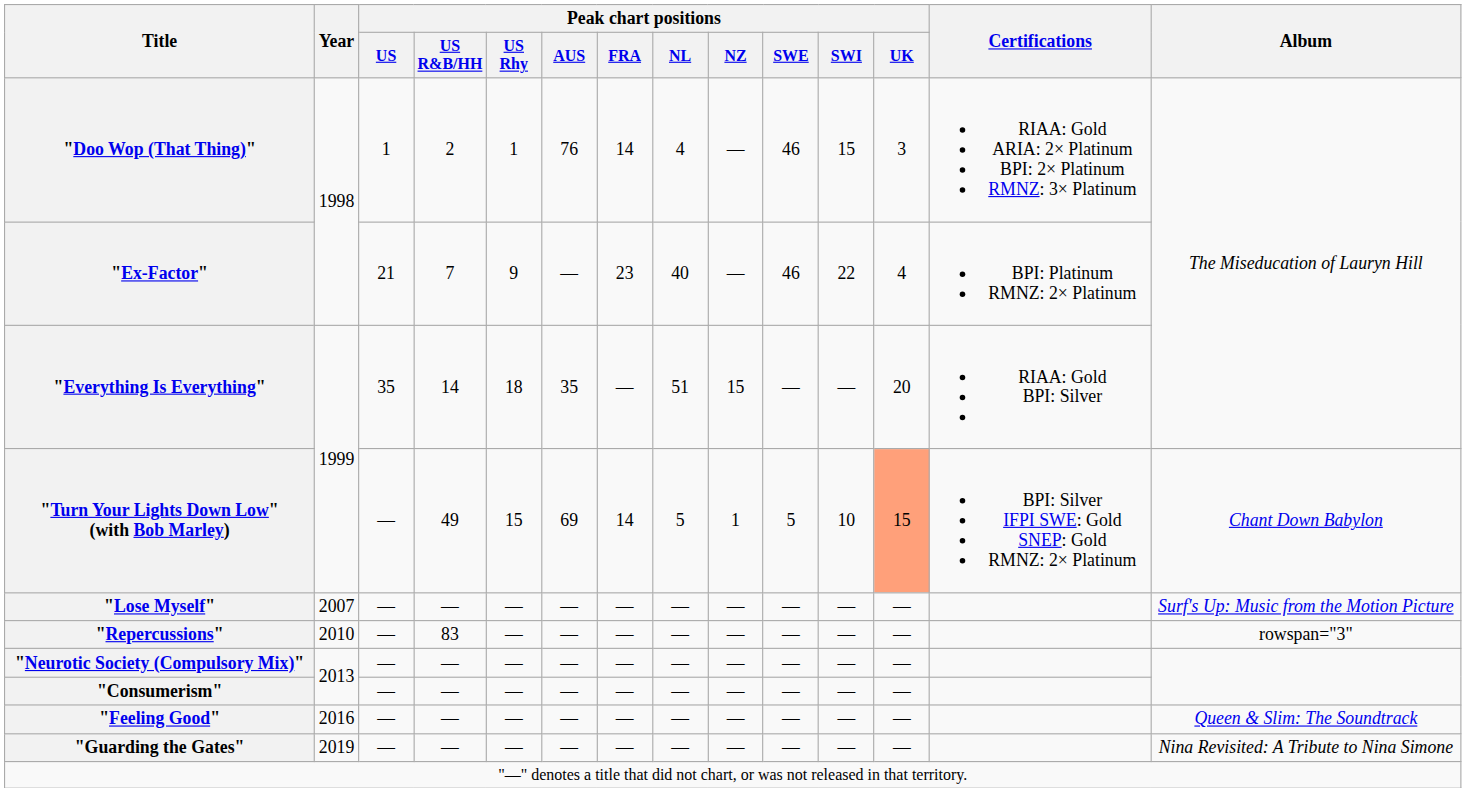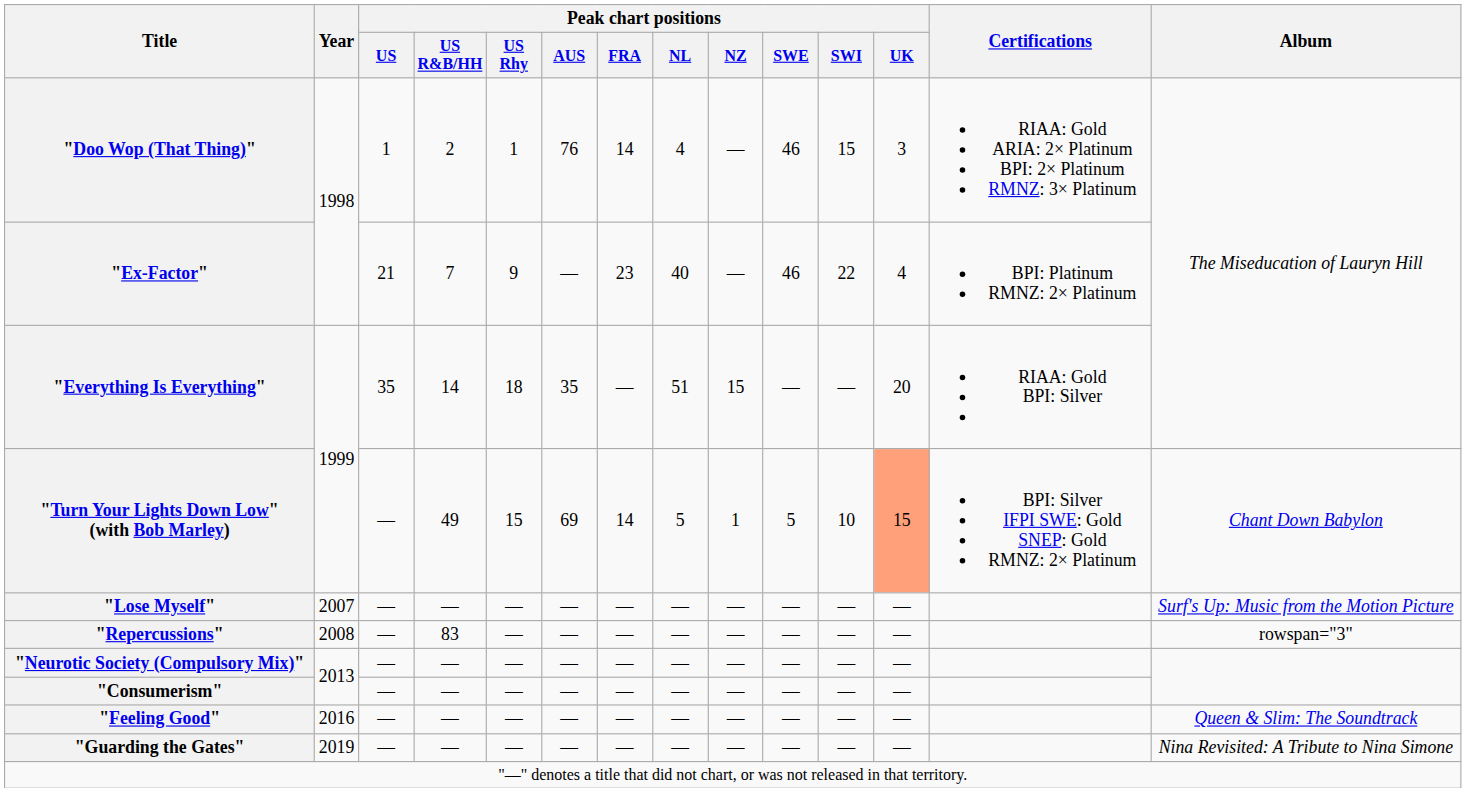 <table class="wikitable plainrowheaders" style="text-align:center;">
 <tr>
 <th scope="col" rowspan="2" style="width:17em;">Title</th>
 <th scope="col" rowspan="2" style="width:1em;">Year</th>
 <th scope="col" colspan="10">Peak chart positions</th>
 <th scope="col" rowspan="2" style="width:12em;"><a href='#'>Certifications</a></th>
 <th scope="col" rowspan="2" style="width:17em;">Album</th>
 </tr>
 <tr>
 <th scope="col" style="width:3em;font-size:90%;"><a href='#'>US</a><br></th>
 <th scope="col" style="width:3em;font-size:90%;"><a href='#'>US R&B/HH</a><br></th>
 <th scope="col" style="width:3em;font-size:90%;"><a href='#'>US Rhy</a><br></th>
 <th scope="col" style="width:3em;font-size:90%;"><a href='#'>AUS</a><br></th>
 <th scope="col" style="width:3em;font-size:90%;"><a href='#'>FRA</a><br></th>
 <th scope="col" style="width:3em;font-size:90%;"><a href='#'>NL</a><br></th>
 <th scope="col" style="width:3em;font-size:90%;"><a href='#'>NZ</a><br></th>
 <th scope="col" style="width:3em;font-size:90%;"><a href='#'>SWE</a><br></th>
 <th scope="col" style="width:3em;font-size:90%;"><a href='#'>SWI</a><br></th>
 <th scope="col" style="width:3em;font-size:90%;"><a href='#'>UK</a><br></th>
 </tr>
 <tr>
 <th scope="row">"<a href='#'>Doo Wop (That Thing)</a>"</th>
 <td rowspan="2">1998</td>
 <td>1</td>
 <td>2</td>
 <td>1</td>
 <td>76</td>
 <td>14</td>
 <td>4</td>
 <td>—</td>
 <td>46</td>
 <td>15</td>
 <td>3</td>
 <td><br><ul><li>RIAA: Gold</li><li>ARIA: 2× Platinum</li><li>BPI: 2× Platinum</li><li><a href='#'>RMNZ</a>: 3× Platinum</li></ul></td>
 <td rowspan="3"><em>The Miseducation of Lauryn Hill</em></td>
 </tr>
 <tr>
 <th scope="row">"<a href='#'>Ex-Factor</a>"</th>
 <td>21</td>
 <td>7</td>
 <td>9</td>
 <td>—</td>
 <td>23</td>
 <td>40</td>
 <td>—</td>
 <td>46</td>
 <td>22</td>
 <td>4</td>
 <td><br><ul><li>BPI: Platinum</li><li>RMNZ: 2× Platinum</li></ul></td>
 </tr>
 <tr>
 <th scope="row">"<a href='#'>Everything Is Everything</a>"</th>
 <td rowspan="2">1999</td>
 <td>35</td>
 <td>14</td>
 <td>18</td>
 <td>35</td>
 <td>—</td>
 <td>51</td>
 <td>15</td>
 <td>—</td>
 <td>—</td>
 <td>20</td>
 <td><br><ul><li>RIAA: Gold</li><li>BPI: Silver</li><li></li></ul></td>
 </tr>
 <tr>
 <th scope="row">"<a href='#'>Turn Your Lights Down Low</a>"<br><span>(with <a href='#'>Bob Marley</a>)</span></th>
 <td>—</td>
 <td>49</td>
 <td>15</td>
 <td>69</td>
 <td>14</td>
 <td>5</td>
 <td>1</td>
 <td>5</td>
 <td>10</td>
 <td style="background: lightsalmon;">15</td>
 <td><br><ul><li>BPI: Silver</li><li><a href='#'>IFPI SWE</a>: Gold</li><li><a href='#'>SNEP</a>: Gold</li><li>RMNZ: 2× Platinum</li></ul></td>
 <td><em><a href='#'>Chant Down Babylon</a></em></td>
 </tr>
 <tr>
 <th scope="row">"<a href='#'>Lose Myself</a>"</th>
 <td>2007</td>
 <td>—</td>
 <td>—</td>
 <td>—</td>
 <td>—</td>
 <td>—</td>
 <td>—</td>
 <td>—</td>
 <td>—</td>
 <td>—</td>
 <td>—</td>
 <td></td>
 <td><em><a href='#'>Surf's Up: Music from the Motion Picture</a></em></td>
 </tr>
 <tr>
 <th scope="row">"<a href='#'>Repercussions</a>"</th>
-<td>2010</td>
+<td>2008</td>
 <td>—</td>
 <td>83</td>
 <td>—</td>
 <td>—</td>
 <td>—</td>
 <td>—</td>
 <td>—</td>
 <td>—</td>
 <td>—</td>
 <td>—</td>
 <td></td>
 <td>rowspan="3" </td>
 </tr>
 <tr>
 <th scope="row">"<a href='#'>Neurotic Society (Compulsory Mix)</a>"</th>
 <td rowspan="2">2013</td>
 <td>—</td>
 <td>—</td>
 <td>—</td>
 <td>—</td>
 <td>—</td>
 <td>—</td>
 <td>—</td>
 <td>—</td>
 <td>—</td>
 <td>—</td>
 <td></td>
 </tr>
 <tr>
 <th scope="row">"Consumerism"</th>
 <td>—</td>
 <td>—</td>
 <td>—</td>
 <td>—</td>
 <td>—</td>
 <td>—</td>
 <td>—</td>
 <td>—</td>
 <td>—</td>
 <td>—</td>
 <td></td>
 </tr>
 <tr>
 <th scope="row">"<a href='#'>Feeling Good</a>"</th>
 <td>2016</td>
 <td>—</td>
 <td>—</td>
 <td>—</td>
 <td>—</td>
 <td>—</td>
 <td>—</td>
 <td>—</td>
 <td>—</td>
 <td>—</td>
 <td>—</td>
 <td></td>
 <td><em><a href='#'>Queen & Slim: The Soundtrack</a></em></td>
 </tr>
 <tr>
 <th scope="row">"Guarding the Gates"</th>
 <td>2019</td>
 <td>—</td>
 <td>—</td>
 <td>—</td>
 <td>—</td>
 <td>—</td>
 <td>—</td>
 <td>—</td>
 <td>—</td>
 <td>—</td>
 <td>—</td>
 <td></td>
 <td><em>Nina Revisited: A Tribute to Nina Simone</em></td>
 </tr>
 <tr>
 <td colspan="15" style="font-size:90%">"—" denotes a title that did not chart, or was not released in that territory.</td>
 </tr>
 </table>
